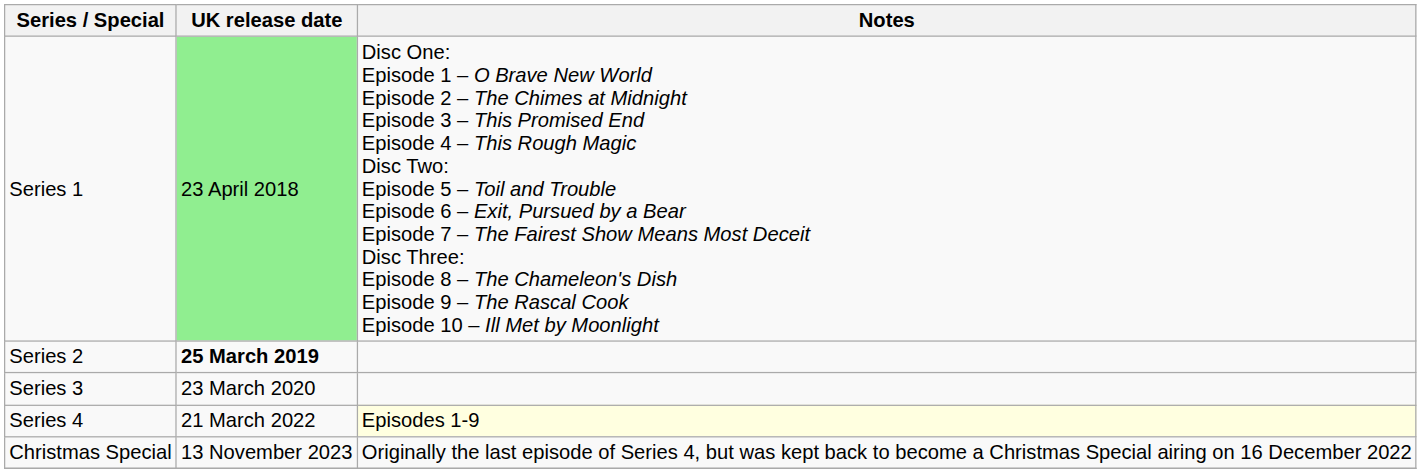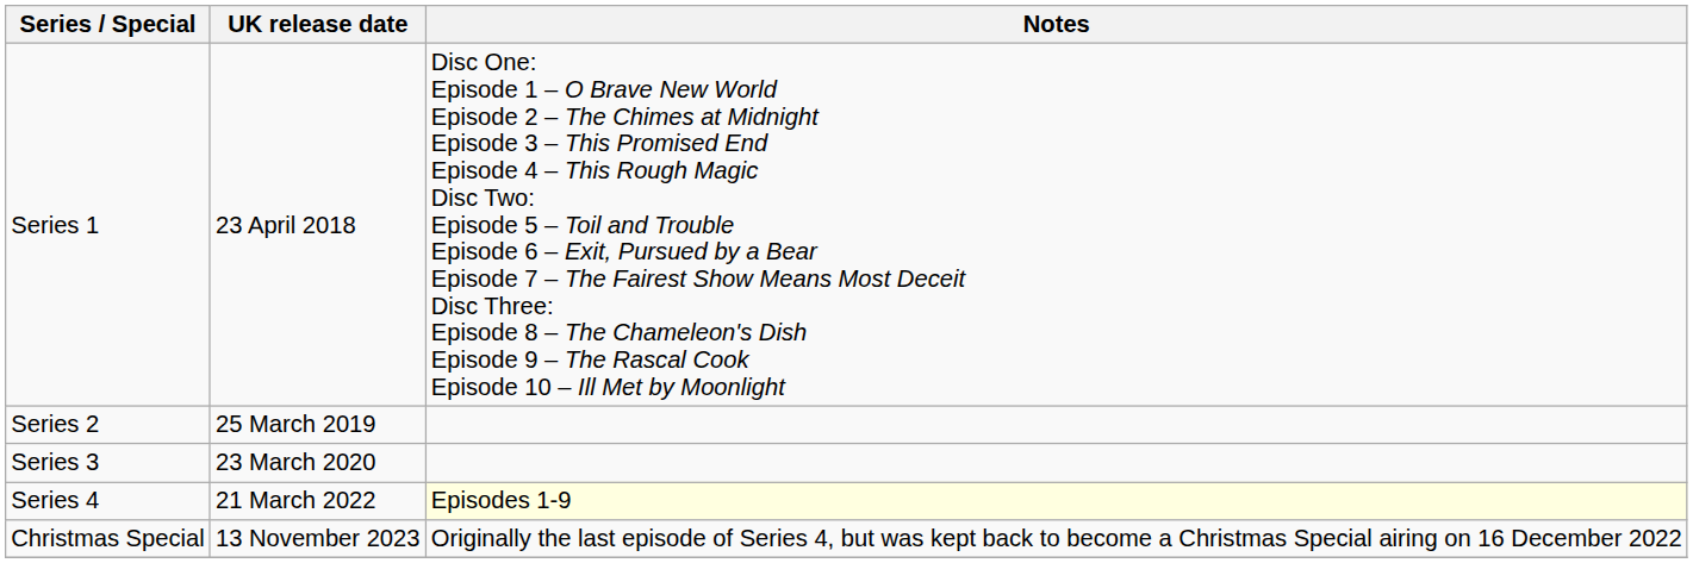 <table class="wikitable">
 <tr>
 <th>Series / Special</th>
 <th>UK release date</th>
 <th>Notes</th>
 </tr>
 <tr>
 <td>Series 1</td>
-<td style="background: lightgreen;">23 April 2018</td>
+<td>23 April 2018</td>
 <td>Disc One:<br>Episode 1 – <em>O Brave New World</em><br>Episode 2 – <em>The Chimes at Midnight</em><br>Episode 3 – <em>This Promised End</em><br>Episode 4 – <em>This Rough Magic</em><br>Disc Two:<br>Episode 5 – <em>Toil and Trouble</em><br>Episode 6 – <em>Exit, Pursued by a Bear</em><br>Episode 7 – <em>The Fairest Show Means Most Deceit</em><br>Disc Three:<br>Episode 8 – <em>The Chameleon's Dish</em><br>Episode 9 – <em>The Rascal Cook</em><br>Episode 10 – <em>Ill Met by Moonlight</em></td>
 </tr>
 <tr>
 <td>Series 2</td>
-<td><strong>25 March 2019</strong></td>
+<td>25 March 2019</td>
 <td></td>
 </tr>
 <tr>
 <td>Series 3</td>
 <td>23 March 2020</td>
 <td></td>
 </tr>
 <tr>
 <td>Series 4</td>
 <td>21 March 2022</td>
 <td style="background: lightyellow;">Episodes 1-9</td>
 </tr>
 <tr>
 <td>Christmas Special</td>
 <td>13 November 2023</td>
 <td>Originally the last episode of Series 4, but was kept back to become a Christmas Special airing on 16 December 2022</td>
 </tr>
 <tr>
 </tr>
 </table>
